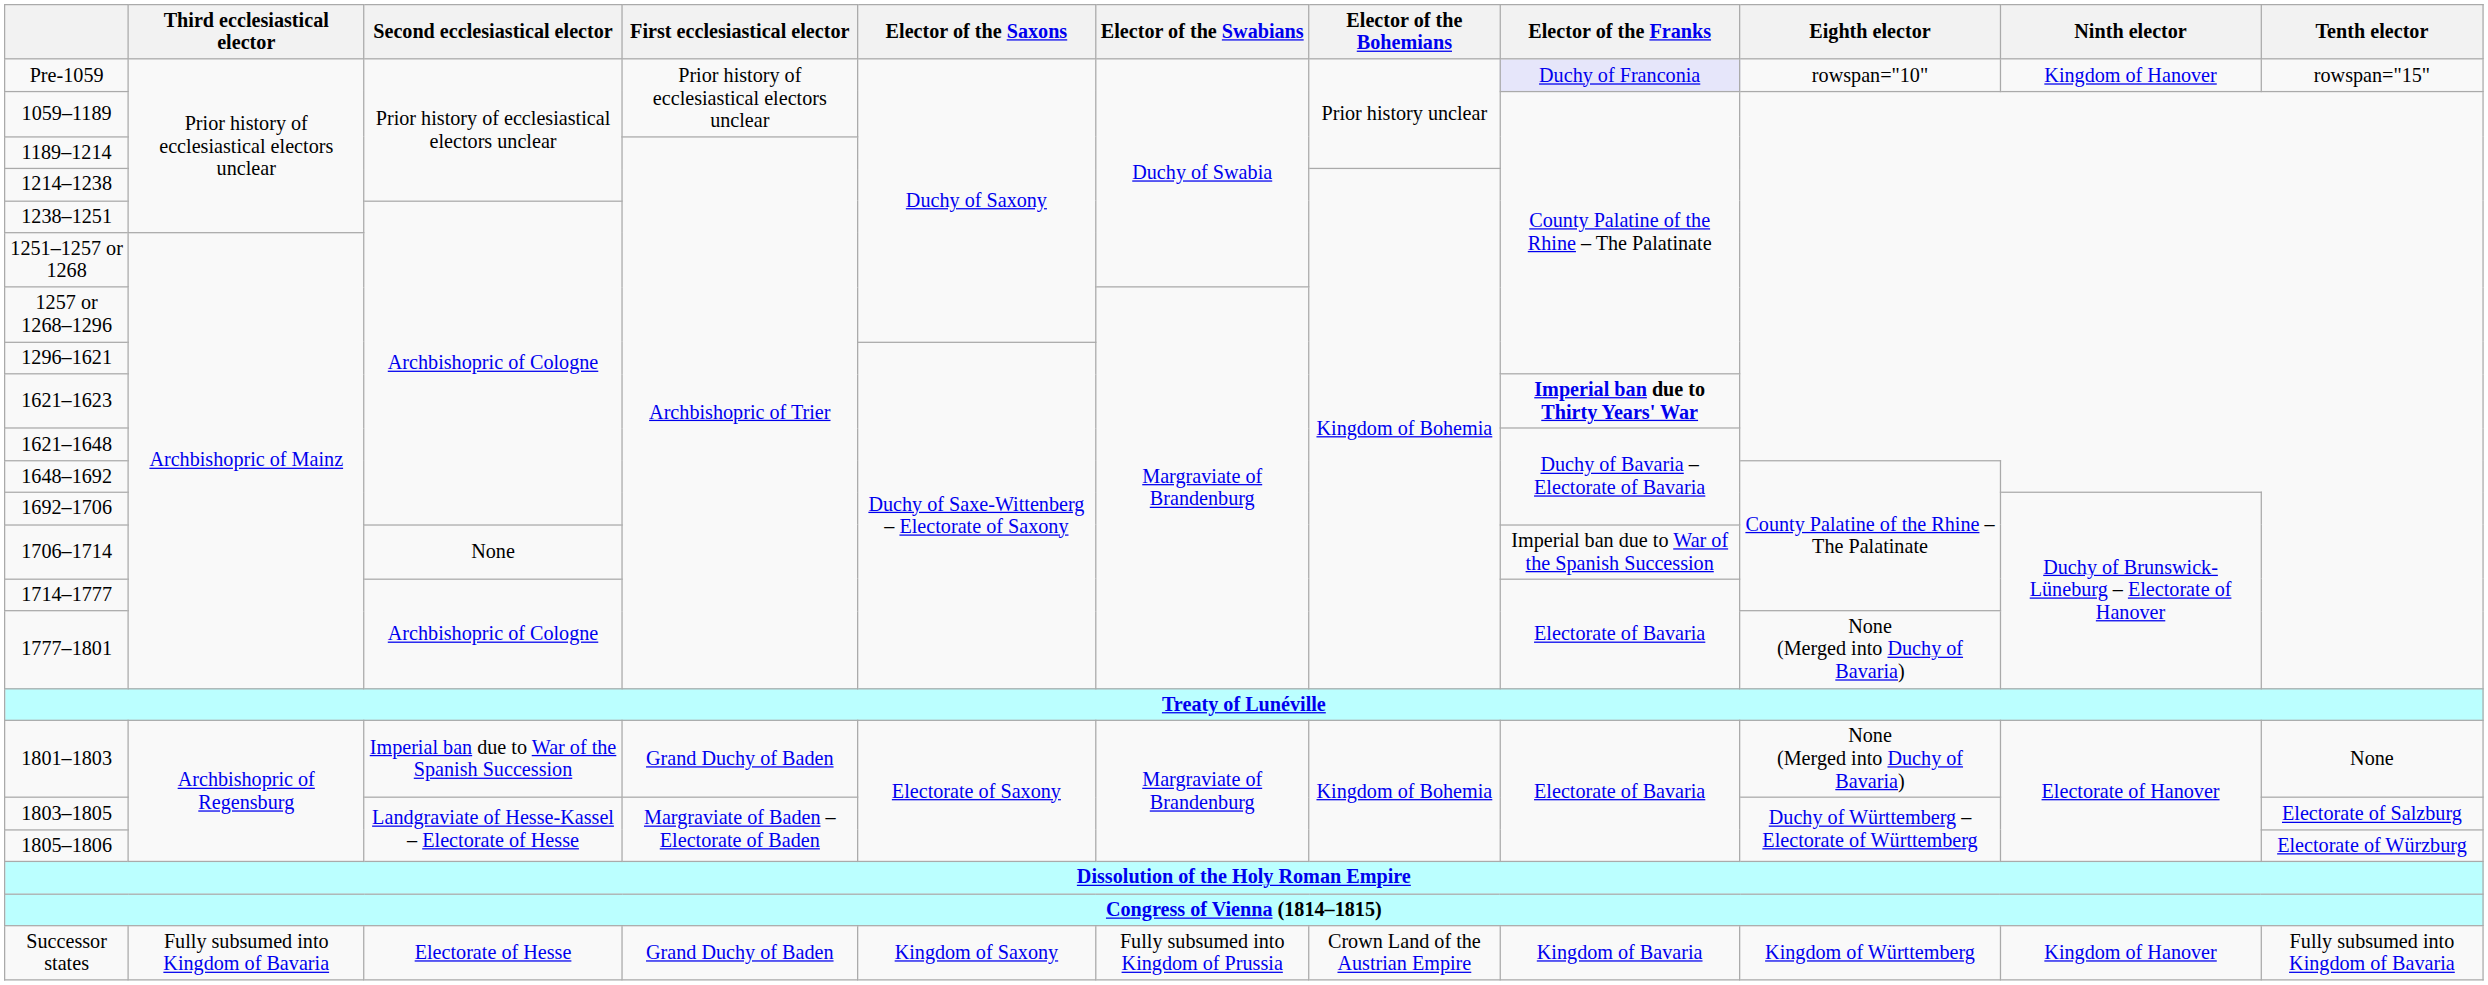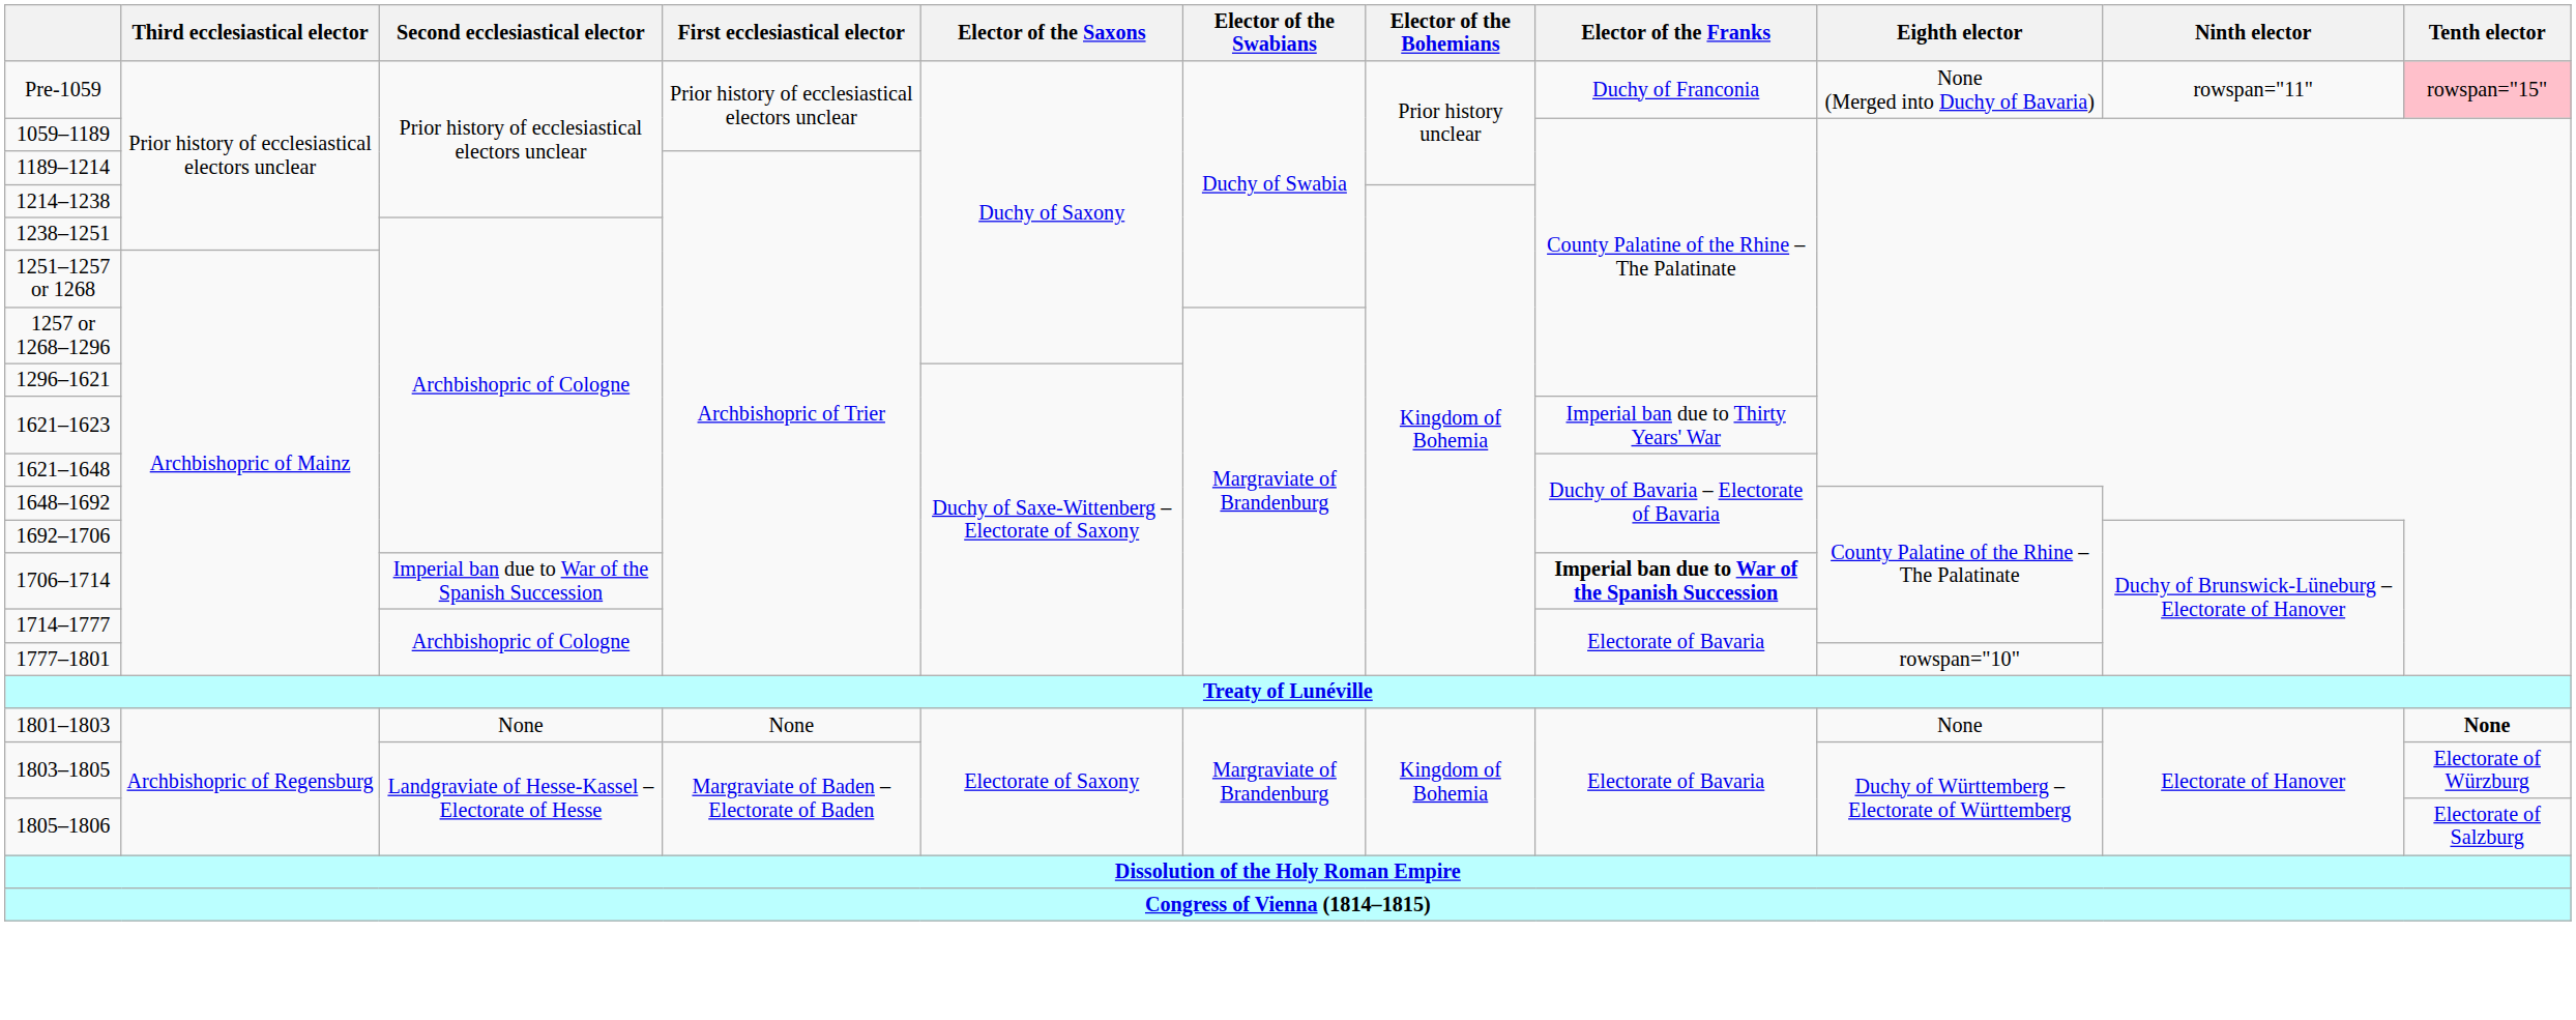 <table class="wikitable sortable" style="text-align:center">
 <tr>
 <th></th>
 <th>Third ecclesiastical elector</th>
 <th>Second ecclesiastical elector</th>
 <th>First ecclesiastical elector</th>
 <th>Elector of the <a href='#'>Saxons</a><br></th>
 <th>Elector of the <a href='#'>Swabians</a><br></th>
 <th>Elector of the <a href='#'>Bohemians</a> </th>
 <th>Elector of the <a href='#'>Franks</a><br></th>
 <th>Eighth elector</th>
 <th>Ninth elector</th>
 <th>Tenth elector</th>
 </tr>
 <tr>
 <td>Pre-1059</td>
 <td rowspan="5">Prior history of ecclesiastical electors unclear</td>
 <td rowspan="4">Prior history of ecclesiastical electors unclear</td>
 <td rowspan="2">Prior history of ecclesiastical electors unclear</td>
 <td rowspan="7"><a href='#'>Duchy of Saxony</a></td>
 <td rowspan="6"><a href='#'>Duchy of Swabia</a></td>
 <td rowspan="3">Prior history unclear</td>
-<td style="background: lavender;"><a href='#'>Duchy of Franconia</a></td>
-<td>rowspan="10" </td>
-<td><a href='#'>Kingdom of Hanover</a></td>
-<td>rowspan="15" </td>
+<td><a href='#'>Duchy of Franconia</a></td>
+<td>None<br>(Merged into <a href='#'>Duchy of Bavaria</a>)</td>
+<td>rowspan="11" </td>
+<td style="background: pink;">rowspan="15" </td>
 </tr>
 <tr>
 <td>1059–1189</td>
 <td rowspan="7"><a href='#'>County Palatine of the Rhine</a> – The Palatinate</td>
 </tr>
 <tr>
 <td>1189–1214</td>
 <td rowspan="13"><a href='#'>Archbishopric of Trier</a></td>
 </tr>
 <tr>
 <td>1214–1238</td>
 <td rowspan="12"><a href='#'>Kingdom of Bohemia</a></td>
 </tr>
 <tr>
 <td>1238–1251</td>
 <td rowspan="8"><a href='#'>Archbishopric of Cologne</a></td>
 </tr>
 <tr>
 <td>1251–1257 or 1268</td>
 <td rowspan="10"><a href='#'>Archbishopric of Mainz</a></td>
 </tr>
 <tr>
 <td>1257 or 1268–1296</td>
 <td rowspan="9"><a href='#'>Margraviate of Brandenburg</a></td>
 </tr>
 <tr>
 <td>1296–1621</td>
 <td rowspan="8"><a href='#'>Duchy of Saxe-Wittenberg</a> – <a href='#'>Electorate of Saxony</a></td>
 </tr>
 <tr>
 <td>1621–1623</td>
-<td><strong><a href='#'>Imperial ban</a> due to <a href='#'>Thirty Years' War</a></strong></td>
+<td><a href='#'>Imperial ban</a> due to <a href='#'>Thirty Years' War</a></td>
 </tr>
 <tr>
 <td>1621–1648</td>
 <td rowspan="3"><a href='#'>Duchy of Bavaria</a> – <a href='#'>Electorate of Bavaria</a></td>
 </tr>
 <tr>
 <td>1648–1692</td>
 <td rowspan="4"><a href='#'>County Palatine of the Rhine</a> – The Palatinate</td>
 </tr>
 <tr>
 <td>1692–1706</td>
 <td rowspan="4"><a href='#'>Duchy of Brunswick-Lüneburg</a> – <a href='#'>Electorate of Hanover</a></td>
 </tr>
 <tr>
 <td>1706–1714</td>
-<td>None</td>
-<td>Imperial ban due to <a href='#'>War of the Spanish Succession</a></td>
+<td><a href='#'>Imperial ban</a> due to <a href='#'>War of the Spanish Succession</a></td>
+<td><strong>Imperial ban due to <a href='#'>War of the Spanish Succession</a></strong></td>
 </tr>
 <tr>
 <td>1714–1777</td>
 <td rowspan="2"><a href='#'>Archbishopric of Cologne</a></td>
 <td rowspan="2"><a href='#'>Electorate of Bavaria</a></td>
 </tr>
 <tr>
 <td>1777–1801</td>
-<td>None<br>(Merged into <a href='#'>Duchy of Bavaria</a>)</td>
+<td>rowspan="10" </td>
 </tr>
 <tr>
 <th colspan="11" style="background:#BBFFFF;"><a href='#'>Treaty of Lunéville</a></th>
 </tr>
 <tr>
 <td>1801–1803</td>
 <td rowspan="3"><a href='#'>Archbishopric of Regensburg</a></td>
-<td><a href='#'>Imperial ban</a> due to <a href='#'>War of the Spanish Succession</a></td>
-<td><a href='#'>Grand Duchy of Baden</a></td>
+<td>None</td>
+<td>None</td>
 <td rowspan="3"><a href='#'>Electorate of Saxony</a></td>
 <td rowspan="3"><a href='#'>Margraviate of Brandenburg</a></td>
 <td rowspan="3"><a href='#'>Kingdom of Bohemia</a></td>
 <td rowspan="3"><a href='#'>Electorate of Bavaria</a></td>
-<td>None<br>(Merged into <a href='#'>Duchy of Bavaria</a>)</td>
+<td>None</td>
 <td rowspan="3"><a href='#'>Electorate of Hanover</a></td>
-<td>None</td>
+<td><strong>None</strong></td>
 </tr>
 <tr>
 <td>1803–1805</td>
 <td rowspan="2"><a href='#'>Landgraviate of Hesse-Kassel</a> – <a href='#'>Electorate of Hesse</a></td>
 <td rowspan="2"><a href='#'>Margraviate of Baden</a> – <a href='#'>Electorate of Baden</a></td>
 <td rowspan="2"><a href='#'>Duchy of Württemberg</a> – <a href='#'>Electorate of Württemberg</a></td>
-<td><a href='#'>Electorate of Salzburg</a></td>
+<td><a href='#'>Electorate of Würzburg</a></td>
 </tr>
 <tr>
 <td>1805–1806</td>
-<td><a href='#'>Electorate of Würzburg</a></td>
+<td><a href='#'>Electorate of Salzburg</a></td>
 </tr>
 <tr>
 <th colspan="11" style="background:#BBFFFF;"><a href='#'>Dissolution of the Holy Roman Empire</a></th>
 </tr>
 <tr>
 <th colspan="11" style="background:#BBFFFF;"><a href='#'>Congress of Vienna</a> (1814–1815)</th>
 </tr>
-<tr>
-<td>Successor states</td>
-<td>Fully subsumed into <a href='#'>Kingdom of Bavaria</a></td>
-<td><a href='#'>Electorate of Hesse</a></td>
-<td><a href='#'>Grand Duchy of Baden</a></td>
-<td><a href='#'>Kingdom of Saxony</a></td>
-<td>Fully subsumed into <a href='#'>Kingdom of Prussia</a></td>
-<td>Crown Land of the <a href='#'>Austrian Empire</a></td>
-<td><a href='#'>Kingdom of Bavaria</a></td>
-<td><a href='#'>Kingdom of Württemberg</a></td>
-<td><a href='#'>Kingdom of Hanover</a></td>
-<td>Fully subsumed into <a href='#'>Kingdom of Bavaria</a></td>
-</tr>
 </table>
